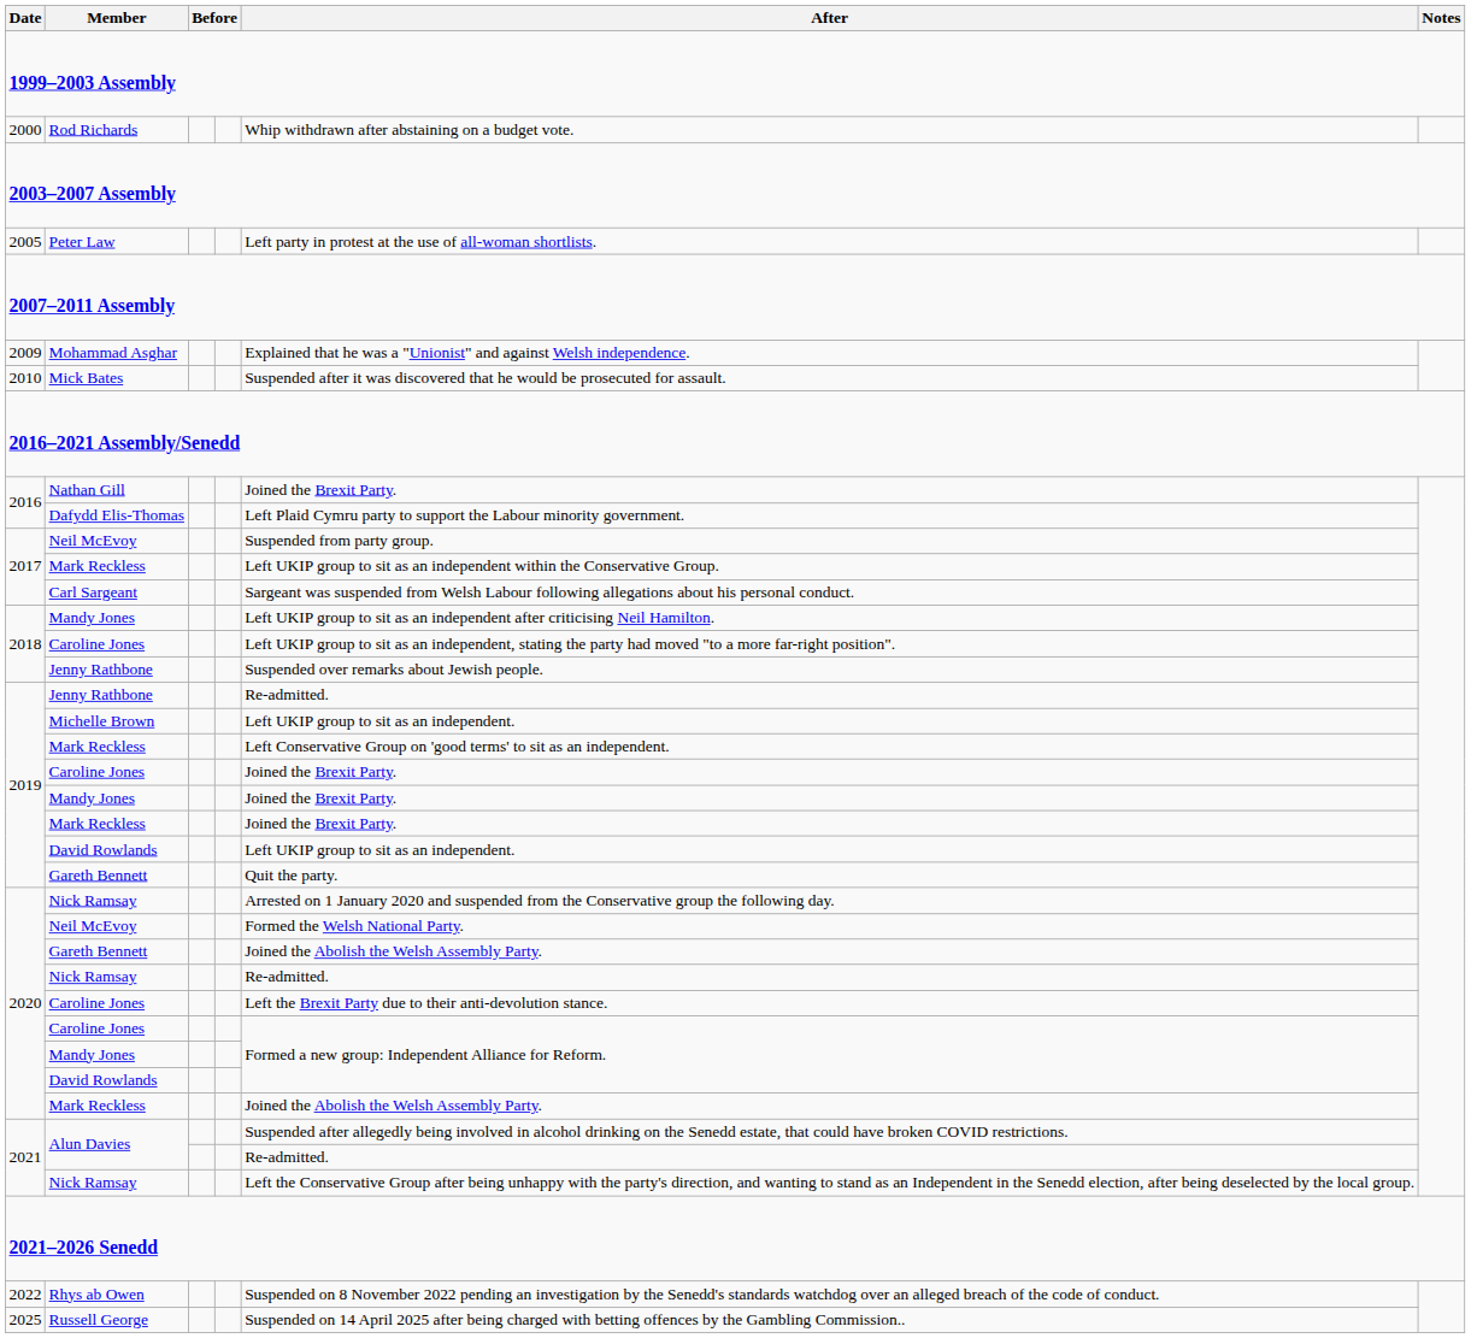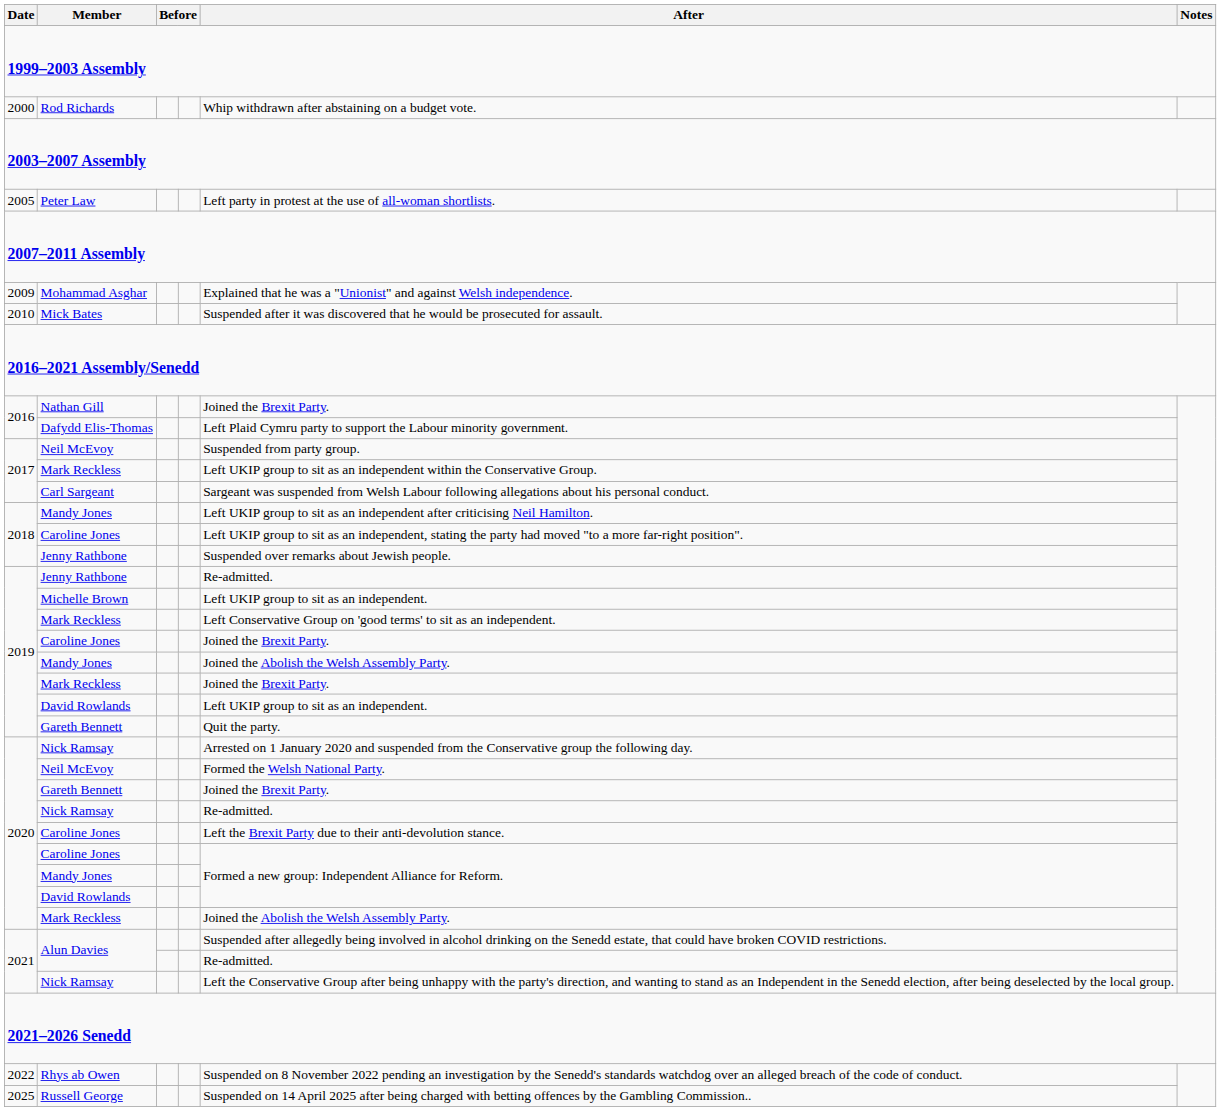 <table class="wikitable">
 <tr style="background:#ccc;">
 <th>Date</th>
 <th>Member</th>
 <th colspan=2>Before</th>
 <th colspan=2>After</th>
 <th>Notes</th>
 </tr>
 <tr>
 <td colspan=7><br><h3><a href='#'>1999–2003 Assembly</a></h3></td>
 </tr>
 <tr>
 <td>2000</td>
 <td><a href='#'>Rod Richards</a></td>
 <td></td>
 <td></td>
 <td>Whip withdrawn after abstaining on a budget vote.</td>
 </tr>
 <tr>
 <td colspan=7><br><h3><a href='#'>2003–2007 Assembly</a></h3></td>
 </tr>
 <tr>
 <td>2005</td>
 <td><a href='#'>Peter Law</a></td>
 <td></td>
 <td></td>
 <td>Left party in protest at the use of <a href='#'>all-woman shortlists</a>.</td>
 </tr>
 <tr>
 <td colspan=7><br><h3><a href='#'>2007–2011 Assembly</a></h3></td>
 </tr>
 <tr>
 <td>2009</td>
 <td><a href='#'>Mohammad Asghar</a></td>
 <td></td>
 <td></td>
 <td>Explained that he was a "<a href='#'>Unionist</a>" and against <a href='#'>Welsh independence</a>.</td>
 </tr>
 <tr>
 <td>2010</td>
 <td><a href='#'>Mick Bates</a></td>
 <td></td>
 <td></td>
 <td>Suspended after it was discovered that he would be prosecuted for assault.</td>
 </tr>
 <tr>
 <td colspan=7><br><h3><a href='#'>2016–2021 Assembly/Senedd</a></h3></td>
 </tr>
 <tr>
 <td rowspan="2">2016</td>
 <td><a href='#'>Nathan Gill</a></td>
 <td></td>
 <td></td>
 <td>Joined the <a href='#'>Brexit Party</a>.</td>
 </tr>
 <tr>
 <td><a href='#'>Dafydd Elis-Thomas</a></td>
 <td></td>
 <td></td>
 <td>Left Plaid Cymru party to support the Labour minority government.</td>
 </tr>
 <tr>
 <td rowspan="3">2017</td>
 <td><a href='#'>Neil McEvoy</a></td>
 <td></td>
 <td></td>
 <td>Suspended from party group.</td>
 </tr>
 <tr>
 <td><a href='#'>Mark Reckless</a></td>
 <td></td>
 <td></td>
 <td>Left UKIP group to sit as an independent within the Conservative Group.</td>
 </tr>
 <tr>
 <td><a href='#'>Carl Sargeant</a></td>
 <td></td>
 <td></td>
 <td>Sargeant was suspended from Welsh Labour following allegations about his personal conduct.</td>
 </tr>
 <tr>
 <td rowspan="3">2018</td>
 <td><a href='#'>Mandy Jones</a></td>
 <td></td>
 <td></td>
 <td>Left UKIP group to sit as an independent after criticising <a href='#'>Neil Hamilton</a>.</td>
 </tr>
 <tr>
 <td><a href='#'>Caroline Jones</a></td>
 <td></td>
 <td></td>
 <td>Left UKIP group to sit as an independent, stating the party had moved "to a more far-right position".</td>
 </tr>
 <tr>
 <td><a href='#'>Jenny Rathbone</a></td>
 <td></td>
 <td></td>
 <td>Suspended over remarks about Jewish people.</td>
 </tr>
 <tr>
 <td rowspan="8">2019</td>
 <td><a href='#'>Jenny Rathbone</a></td>
 <td></td>
 <td></td>
 <td>Re-admitted.</td>
 </tr>
 <tr>
 <td><a href='#'>Michelle Brown</a></td>
 <td></td>
 <td></td>
 <td>Left UKIP group to sit as an independent.</td>
 </tr>
 <tr>
 <td><a href='#'>Mark Reckless</a></td>
 <td></td>
 <td></td>
 <td>Left Conservative Group on 'good terms' to sit as an independent.</td>
 </tr>
 <tr>
 <td><a href='#'>Caroline Jones</a></td>
 <td></td>
 <td></td>
 <td>Joined the <a href='#'>Brexit Party</a>.</td>
 </tr>
 <tr>
 <td><a href='#'>Mandy Jones</a></td>
 <td></td>
 <td></td>
-<td>Joined the <a href='#'>Brexit Party</a>.</td>
+<td>Joined the <a href='#'>Abolish the Welsh Assembly Party</a>.</td>
 </tr>
 <tr>
 <td><a href='#'>Mark Reckless</a></td>
 <td></td>
 <td></td>
 <td>Joined the <a href='#'>Brexit Party</a>.</td>
 </tr>
 <tr>
 <td><a href='#'>David Rowlands</a></td>
 <td></td>
 <td></td>
 <td>Left UKIP group to sit as an independent.</td>
 </tr>
 <tr>
 <td><a href='#'>Gareth Bennett</a></td>
 <td></td>
 <td></td>
 <td>Quit the party.</td>
 </tr>
 <tr>
 <td rowspan="9">2020</td>
 <td><a href='#'>Nick Ramsay</a></td>
 <td></td>
 <td></td>
 <td>Arrested on 1 January 2020 and suspended from the Conservative group the following day.</td>
 </tr>
 <tr>
 <td><a href='#'>Neil McEvoy</a></td>
 <td></td>
 <td></td>
 <td>Formed the <a href='#'>Welsh National Party</a>.</td>
 </tr>
 <tr>
 <td><a href='#'>Gareth Bennett</a></td>
 <td></td>
 <td></td>
-<td>Joined the <a href='#'>Abolish the Welsh Assembly Party</a>.</td>
+<td>Joined the <a href='#'>Brexit Party</a>.</td>
 </tr>
 <tr>
 <td><a href='#'>Nick Ramsay</a></td>
 <td></td>
 <td></td>
 <td>Re-admitted.</td>
 </tr>
 <tr>
 <td><a href='#'>Caroline Jones</a></td>
 <td></td>
 <td></td>
 <td>Left the <a href='#'>Brexit Party</a> due to their anti-devolution stance.</td>
 </tr>
 <tr>
 <td><a href='#'>Caroline Jones</a></td>
 <td></td>
 <td></td>
 <td rowspan="3">Formed a new group: Independent Alliance for Reform.</td>
 </tr>
 <tr>
 <td><a href='#'>Mandy Jones</a></td>
 <td></td>
 <td></td>
 </tr>
 <tr>
 <td><a href='#'>David Rowlands</a></td>
 <td></td>
 <td></td>
 </tr>
 <tr>
 <td><a href='#'>Mark Reckless</a></td>
 <td></td>
 <td></td>
 <td>Joined the <a href='#'>Abolish the Welsh Assembly Party</a>.</td>
 </tr>
 <tr>
 <td rowspan="3">2021</td>
 <td rowspan="2"><a href='#'>Alun Davies</a></td>
 <td></td>
 <td></td>
 <td>Suspended after allegedly being involved in alcohol drinking on the Senedd estate, that could have broken COVID restrictions.</td>
 </tr>
 <tr>
 <td></td>
 <td></td>
 <td>Re-admitted.</td>
 </tr>
 <tr>
 <td><a href='#'>Nick Ramsay</a></td>
 <td></td>
 <td></td>
 <td>Left the Conservative Group after being unhappy with the party's direction, and wanting to stand as an Independent in the Senedd election, after being deselected by the local group.</td>
 </tr>
 <tr>
 <td colspan=7><br><h3><a href='#'>2021–2026 Senedd</a></h3></td>
 </tr>
 <tr>
 <td>2022</td>
 <td><a href='#'>Rhys ab Owen</a></td>
 <td></td>
 <td></td>
 <td>Suspended on 8 November 2022 pending an investigation by the Senedd's standards watchdog over an alleged breach of the code of conduct.</td>
 </tr>
 <tr>
 <td>2025</td>
 <td><a href='#'>Russell George</a></td>
 <td></td>
 <td></td>
 <td>Suspended on 14 April 2025 after being charged with betting offences by the Gambling Commission..</td>
 </tr>
 </table>
